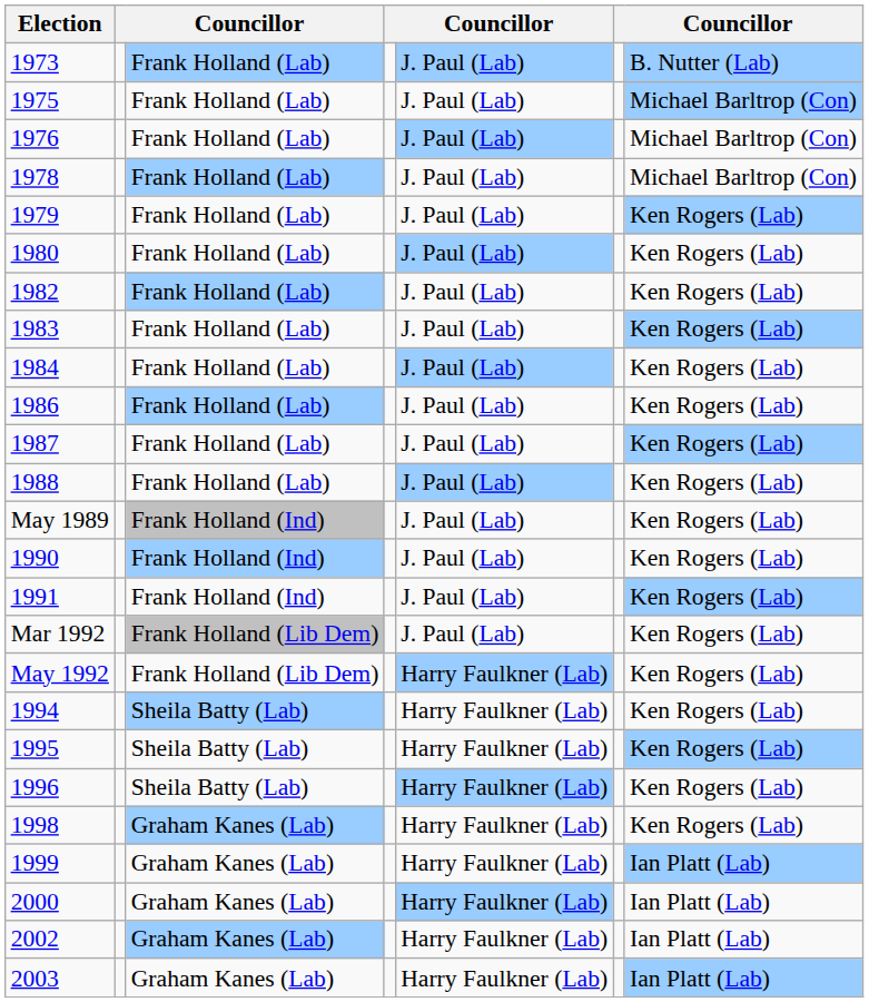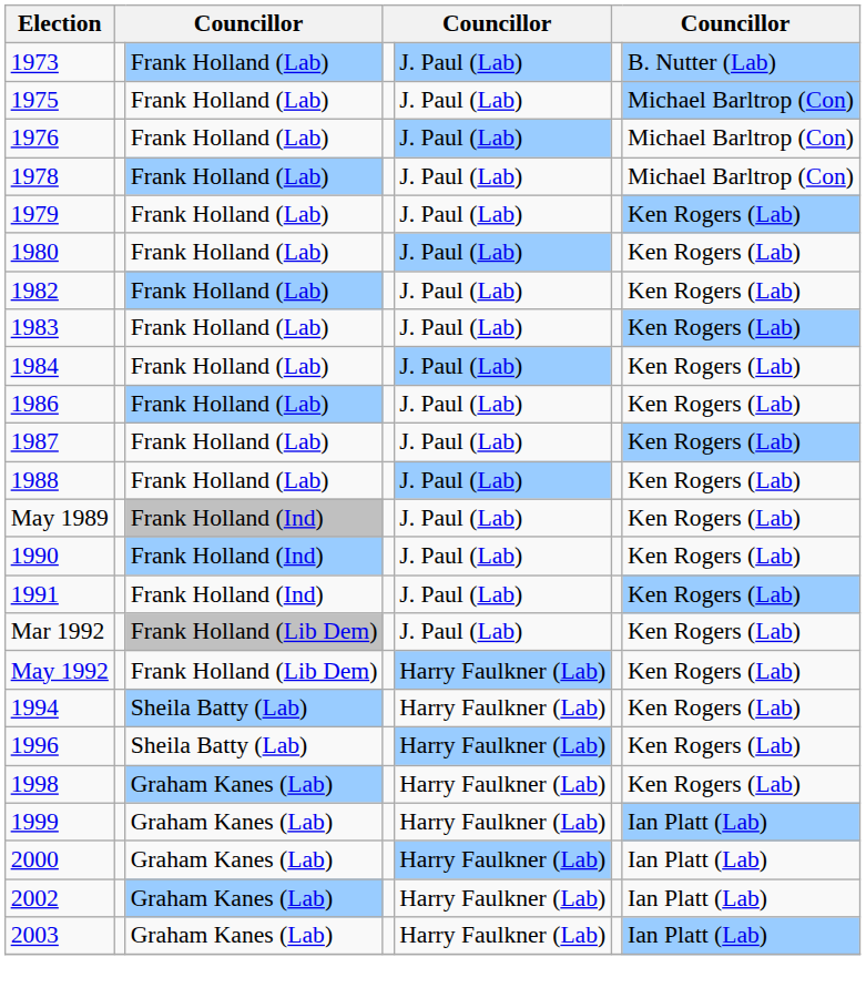 <table class="wikitable">
 <tr>
 <th>Election</th>
 <th colspan="2">Councillor</th>
 <th colspan="2">Councillor</th>
 <th colspan="2">Councillor</th>
 </tr>
 <tr>
 <td><a href='#'>1973</a></td>
 <td style="background-color: "></td>
 <td bgcolor="#99CCFF">Frank Holland (<a href='#'>Lab</a>)</td>
 <td style="background-color: "></td>
 <td bgcolor="#99CCFF">J. Paul (<a href='#'>Lab</a>)</td>
 <td style="background-color: "></td>
 <td bgcolor="#99CCFF">B. Nutter (<a href='#'>Lab</a>)</td>
 </tr>
 <tr>
 <td><a href='#'>1975</a></td>
 <td style="background-color: "></td>
 <td>Frank Holland (<a href='#'>Lab</a>)</td>
 <td style="background-color: "></td>
 <td>J. Paul (<a href='#'>Lab</a>)</td>
 <td style="background-color: "></td>
 <td bgcolor="#99CCFF">Michael Barltrop (<a href='#'>Con</a>)</td>
 </tr>
 <tr>
 <td><a href='#'>1976</a></td>
 <td style="background-color: "></td>
 <td>Frank Holland (<a href='#'>Lab</a>)</td>
 <td style="background-color: "></td>
 <td bgcolor="#99CCFF">J. Paul (<a href='#'>Lab</a>)</td>
 <td style="background-color: "></td>
 <td>Michael Barltrop (<a href='#'>Con</a>)</td>
 </tr>
 <tr>
 <td><a href='#'>1978</a></td>
 <td style="background-color: "></td>
 <td bgcolor="#99CCFF">Frank Holland (<a href='#'>Lab</a>)</td>
 <td style="background-color: "></td>
 <td>J. Paul (<a href='#'>Lab</a>)</td>
 <td style="background-color: "></td>
 <td>Michael Barltrop (<a href='#'>Con</a>)</td>
 </tr>
 <tr>
 <td><a href='#'>1979</a></td>
 <td style="background-color: "></td>
 <td>Frank Holland (<a href='#'>Lab</a>)</td>
 <td style="background-color: "></td>
 <td>J. Paul (<a href='#'>Lab</a>)</td>
 <td style="background-color: "></td>
 <td bgcolor="#99CCFF">Ken Rogers (<a href='#'>Lab</a>)</td>
 </tr>
 <tr>
 <td><a href='#'>1980</a></td>
 <td style="background-color: "></td>
 <td>Frank Holland (<a href='#'>Lab</a>)</td>
 <td style="background-color: "></td>
 <td bgcolor="#99CCFF">J. Paul (<a href='#'>Lab</a>)</td>
 <td style="background-color: "></td>
 <td>Ken Rogers (<a href='#'>Lab</a>)</td>
 </tr>
 <tr>
 <td><a href='#'>1982</a></td>
 <td style="background-color: "></td>
 <td bgcolor="#99CCFF">Frank Holland (<a href='#'>Lab</a>)</td>
 <td style="background-color: "></td>
 <td>J. Paul (<a href='#'>Lab</a>)</td>
 <td style="background-color: "></td>
 <td>Ken Rogers (<a href='#'>Lab</a>)</td>
 </tr>
 <tr>
 <td><a href='#'>1983</a></td>
 <td style="background-color: "></td>
 <td>Frank Holland (<a href='#'>Lab</a>)</td>
 <td style="background-color: "></td>
 <td>J. Paul (<a href='#'>Lab</a>)</td>
 <td style="background-color: "></td>
 <td bgcolor="#99CCFF">Ken Rogers (<a href='#'>Lab</a>)</td>
 </tr>
 <tr>
 <td><a href='#'>1984</a></td>
 <td style="background-color: "></td>
 <td>Frank Holland (<a href='#'>Lab</a>)</td>
 <td style="background-color: "></td>
 <td bgcolor="#99CCFF">J. Paul (<a href='#'>Lab</a>)</td>
 <td style="background-color: "></td>
 <td>Ken Rogers (<a href='#'>Lab</a>)</td>
 </tr>
 <tr>
 <td><a href='#'>1986</a></td>
 <td style="background-color: "></td>
 <td bgcolor="#99CCFF">Frank Holland (<a href='#'>Lab</a>)</td>
 <td style="background-color: "></td>
 <td>J. Paul (<a href='#'>Lab</a>)</td>
 <td style="background-color: "></td>
 <td>Ken Rogers (<a href='#'>Lab</a>)</td>
 </tr>
 <tr>
 <td><a href='#'>1987</a></td>
 <td style="background-color: "></td>
 <td>Frank Holland (<a href='#'>Lab</a>)</td>
 <td style="background-color: "></td>
 <td>J. Paul (<a href='#'>Lab</a>)</td>
 <td style="background-color: "></td>
 <td bgcolor="#99CCFF">Ken Rogers (<a href='#'>Lab</a>)</td>
 </tr>
 <tr>
 <td><a href='#'>1988</a></td>
 <td style="background-color: "></td>
 <td>Frank Holland (<a href='#'>Lab</a>)</td>
 <td style="background-color: "></td>
 <td bgcolor="#99CCFF">J. Paul (<a href='#'>Lab</a>)</td>
 <td style="background-color: "></td>
 <td>Ken Rogers (<a href='#'>Lab</a>)</td>
 </tr>
 <tr>
 <td>May 1989</td>
 <td style="background-color: "></td>
 <td bgcolor="#C0C0C0">Frank Holland (<a href='#'>Ind</a>)</td>
 <td style="background-color: "></td>
 <td>J. Paul (<a href='#'>Lab</a>)</td>
 <td style="background-color: "></td>
 <td>Ken Rogers (<a href='#'>Lab</a>)</td>
 </tr>
 <tr>
 <td><a href='#'>1990</a></td>
 <td style="background-color: "></td>
 <td bgcolor="#99CCFF">Frank Holland (<a href='#'>Ind</a>)</td>
 <td style="background-color: "></td>
 <td>J. Paul (<a href='#'>Lab</a>)</td>
 <td style="background-color: "></td>
 <td>Ken Rogers (<a href='#'>Lab</a>)</td>
 </tr>
 <tr>
 <td><a href='#'>1991</a></td>
 <td style="background-color: "></td>
 <td>Frank Holland (<a href='#'>Ind</a>)</td>
 <td style="background-color: "></td>
 <td>J. Paul (<a href='#'>Lab</a>)</td>
 <td style="background-color: "></td>
 <td bgcolor="#99CCFF">Ken Rogers (<a href='#'>Lab</a>)</td>
 </tr>
 <tr>
 <td>Mar 1992</td>
 <td style="background-color: "></td>
 <td bgcolor="#C0C0C0">Frank Holland (<a href='#'>Lib Dem</a>)</td>
 <td style="background-color: "></td>
 <td>J. Paul (<a href='#'>Lab</a>)</td>
 <td style="background-color: "></td>
 <td>Ken Rogers (<a href='#'>Lab</a>)</td>
 </tr>
 <tr>
 <td><a href='#'>May 1992</a></td>
 <td style="background-color: "></td>
 <td>Frank Holland (<a href='#'>Lib Dem</a>)</td>
 <td style="background-color: "></td>
 <td bgcolor="#99CCFF">Harry Faulkner (<a href='#'>Lab</a>)</td>
 <td style="background-color: "></td>
 <td>Ken Rogers (<a href='#'>Lab</a>)</td>
 </tr>
 <tr>
 <td><a href='#'>1994</a></td>
 <td style="background-color: "></td>
 <td bgcolor="#99CCFF">Sheila Batty (<a href='#'>Lab</a>)</td>
 <td style="background-color: "></td>
 <td>Harry Faulkner (<a href='#'>Lab</a>)</td>
 <td style="background-color: "></td>
 <td>Ken Rogers (<a href='#'>Lab</a>)</td>
 </tr>
 <tr>
-<td><a href='#'>1995</a></td>
-<td style="background-color: "></td>
-<td>Sheila Batty (<a href='#'>Lab</a>)</td>
-<td style="background-color: "></td>
-<td>Harry Faulkner (<a href='#'>Lab</a>)</td>
-<td style="background-color: "></td>
-<td bgcolor="#99CCFF">Ken Rogers (<a href='#'>Lab</a>)</td>
-</tr>
-<tr>
 <td><a href='#'>1996</a></td>
 <td style="background-color: "></td>
 <td>Sheila Batty (<a href='#'>Lab</a>)</td>
 <td style="background-color: "></td>
 <td bgcolor="#99CCFF">Harry Faulkner (<a href='#'>Lab</a>)</td>
 <td style="background-color: "></td>
 <td>Ken Rogers (<a href='#'>Lab</a>)</td>
 </tr>
 <tr>
 <td><a href='#'>1998</a></td>
 <td style="background-color: "></td>
 <td bgcolor="#99CCFF">Graham Kanes (<a href='#'>Lab</a>)</td>
 <td style="background-color: "></td>
 <td>Harry Faulkner (<a href='#'>Lab</a>)</td>
 <td style="background-color: "></td>
 <td>Ken Rogers (<a href='#'>Lab</a>)</td>
 </tr>
 <tr>
 <td><a href='#'>1999</a></td>
 <td style="background-color: "></td>
 <td>Graham Kanes (<a href='#'>Lab</a>)</td>
 <td style="background-color: "></td>
 <td>Harry Faulkner (<a href='#'>Lab</a>)</td>
 <td style="background-color: "></td>
 <td bgcolor="#99CCFF">Ian Platt (<a href='#'>Lab</a>)</td>
 </tr>
 <tr>
 <td><a href='#'>2000</a></td>
 <td style="background-color: "></td>
 <td>Graham Kanes (<a href='#'>Lab</a>)</td>
 <td style="background-color: "></td>
 <td bgcolor="#99CCFF">Harry Faulkner (<a href='#'>Lab</a>)</td>
 <td style="background-color: "></td>
 <td>Ian Platt (<a href='#'>Lab</a>)</td>
 </tr>
 <tr>
 <td><a href='#'>2002</a></td>
 <td style="background-color: "></td>
 <td bgcolor="#99CCFF">Graham Kanes (<a href='#'>Lab</a>)</td>
 <td style="background-color: "></td>
 <td>Harry Faulkner (<a href='#'>Lab</a>)</td>
 <td style="background-color: "></td>
 <td>Ian Platt (<a href='#'>Lab</a>)</td>
 </tr>
 <tr>
 <td><a href='#'>2003</a></td>
 <td style="background-color: "></td>
 <td>Graham Kanes (<a href='#'>Lab</a>)</td>
 <td style="background-color: "></td>
 <td>Harry Faulkner (<a href='#'>Lab</a>)</td>
 <td style="background-color: "></td>
 <td bgcolor="#99CCFF">Ian Platt (<a href='#'>Lab</a>)</td>
 </tr>
 <tr>
 </tr>
 </table>
